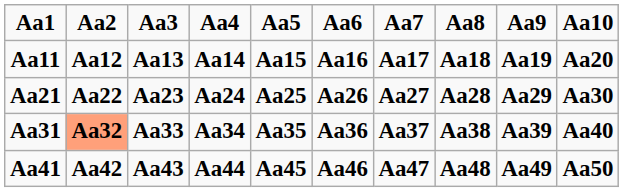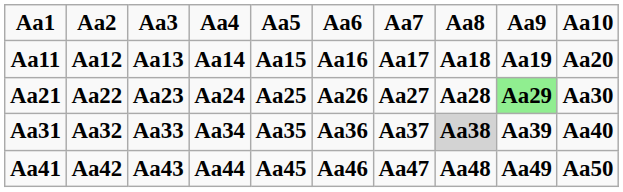 <table class="wikitable" style="text-align: center;">
 <tr valign="top">
 <td><strong>Aa1</strong><br></td>
 <td><strong>Aa2</strong><br></td>
 <td><strong>Aa3</strong><br></td>
 <td><strong>Aa4</strong><br></td>
 <td><strong>Aa5</strong><br></td>
 <td><strong>Aa6</strong><br></td>
 <td><strong>Aa7</strong><br></td>
 <td><strong>Aa8</strong><br></td>
 <td><strong>Aa9</strong><br></td>
 <td><strong>Aa10</strong><br></td>
 </tr>
 <tr valign="top">
 <td><strong>Aa11</strong><br></td>
 <td><strong>Aa12</strong><br></td>
 <td><strong>Aa13</strong><br></td>
 <td><strong>Aa14</strong><br></td>
 <td><strong>Aa15</strong><br></td>
 <td><strong>Aa16</strong><br></td>
 <td><strong>Aa17</strong><br></td>
 <td><strong>Aa18</strong><br></td>
 <td><strong>Aa19</strong><br></td>
 <td><strong>Aa20</strong><br></td>
 </tr>
 <tr valign="top">
 <td><strong>Aa21</strong><br></td>
 <td><strong>Aa22</strong><br></td>
 <td><strong>Aa23</strong><br></td>
 <td><strong>Aa24</strong><br></td>
 <td><strong>Aa25</strong><br></td>
 <td><strong>Aa26</strong><br></td>
 <td><strong>Aa27</strong><br></td>
 <td><strong>Aa28</strong><br></td>
-<td><strong>Aa29</strong><br></td>
+<td style="background: lightgreen;"><strong>Aa29</strong><br></td>
 <td><strong>Aa30</strong><br></td>
 </tr>
 <tr valign="top">
 <td><strong>Aa31</strong><br></td>
-<td style="background: lightsalmon;"><strong>Aa32</strong><br></td>
+<td><strong>Aa32</strong><br></td>
 <td><strong>Aa33</strong><br></td>
 <td><strong>Aa34</strong><br></td>
 <td><strong>Aa35</strong><br></td>
 <td><strong>Aa36</strong><br></td>
 <td><strong>Aa37</strong><br></td>
-<td><strong>Aa38</strong><br></td>
+<td style="background: lightgrey;"><strong>Aa38</strong><br></td>
 <td><strong>Aa39</strong><br></td>
 <td><strong>Aa40</strong><br></td>
 </tr>
 <tr valign="top">
 <td><strong>Aa41</strong><br></td>
 <td><strong>Aa42</strong><br></td>
 <td><strong>Aa43</strong><br></td>
 <td><strong>Aa44</strong><br></td>
 <td><strong>Aa45</strong><br></td>
 <td><strong>Aa46</strong><br></td>
 <td><strong>Aa47</strong><br></td>
 <td><strong>Aa48</strong><br></td>
 <td><strong>Aa49</strong><br></td>
 <td><strong>Aa50</strong><br></td>
 </tr>
 </table>
